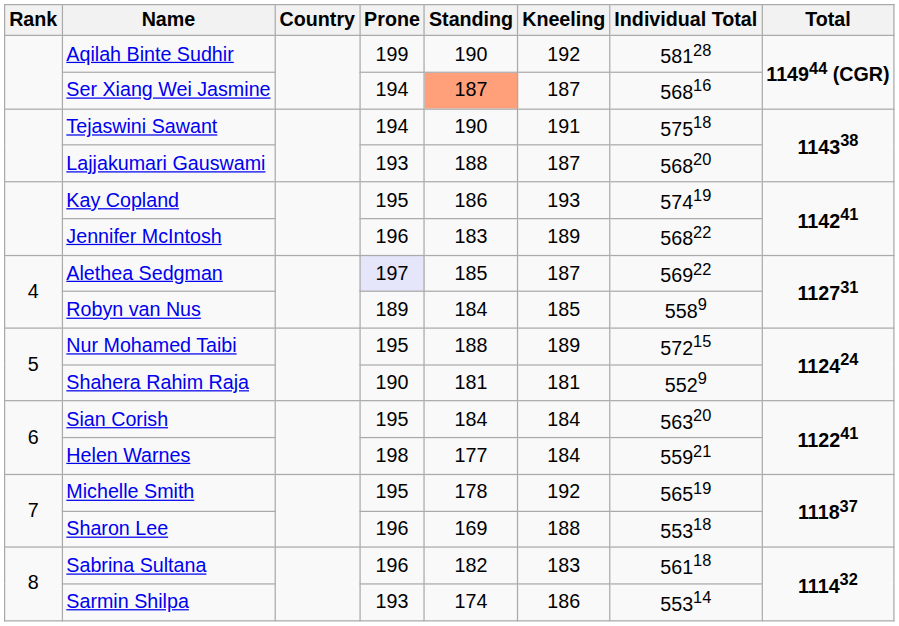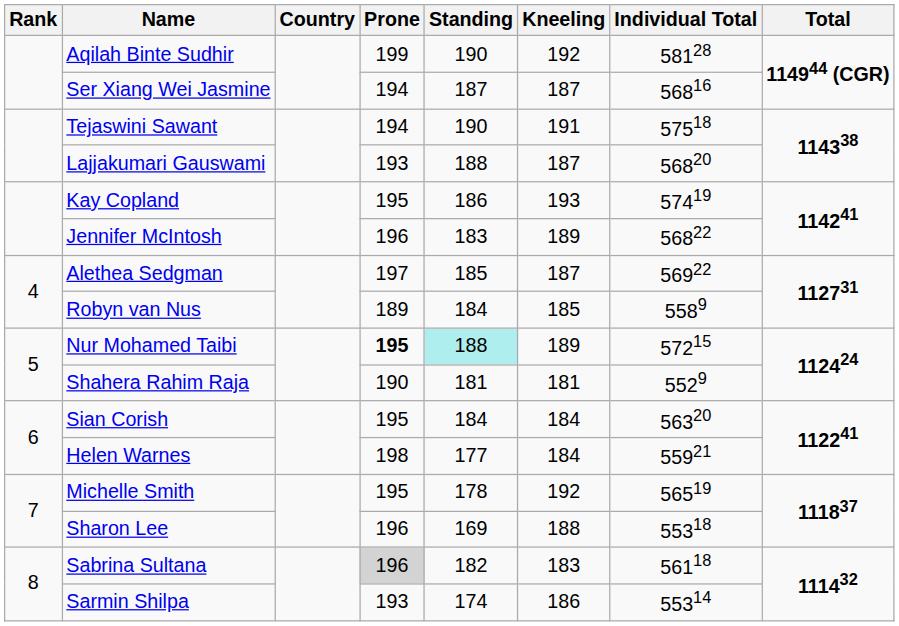 <table class="wikitable sortable" style="text-align:center;">
 <tr>
 <th>Rank</th>
 <th>Name</th>
 <th>Country</th>
 <th>Prone</th>
 <th>Standing</th>
 <th>Kneeling</th>
 <th>Individual Total</th>
 <th>Total</th>
 </tr>
 <tr>
 <td rowspan=2></td>
 <td align=left><a href='#'>Aqilah Binte Sudhir</a></td>
 <td rowspan=2></td>
 <td>199</td>
 <td>190</td>
 <td>192</td>
 <td>581<sup>28</sup></td>
 <td rowspan=2><strong>1149<sup>44</sup> (CGR)</strong></td>
 </tr>
 <tr>
 <td align=left><a href='#'>Ser Xiang Wei Jasmine</a></td>
 <td>194</td>
-<td style="background: lightsalmon;">187</td>
+<td>187</td>
 <td>187</td>
 <td>568<sup>16</sup></td>
 </tr>
 <tr>
 <td rowspan=2></td>
 <td align=left><a href='#'>Tejaswini Sawant</a></td>
 <td rowspan=2></td>
 <td>194</td>
 <td>190</td>
 <td>191</td>
 <td>575<sup>18</sup></td>
 <td rowspan=2><strong>1143<sup>38</sup></strong></td>
 </tr>
 <tr>
 <td align=left><a href='#'>Lajjakumari Gauswami</a></td>
 <td>193</td>
 <td>188</td>
 <td>187</td>
 <td>568<sup>20</sup></td>
 </tr>
 <tr>
 <td rowspan=2></td>
 <td align=left><a href='#'>Kay Copland</a></td>
 <td rowspan=2></td>
 <td>195</td>
 <td>186</td>
 <td>193</td>
 <td>574<sup>19</sup></td>
 <td rowspan=2><strong>1142<sup>41</sup></strong></td>
 </tr>
 <tr>
 <td align=left><a href='#'>Jennifer McIntosh</a></td>
 <td>196</td>
 <td>183</td>
 <td>189</td>
 <td>568<sup>22</sup></td>
 </tr>
 <tr>
 <td rowspan=2>4</td>
 <td align=left><a href='#'>Alethea Sedgman</a></td>
 <td rowspan=2></td>
-<td style="background: lavender;">197</td>
+<td>197</td>
 <td>185</td>
 <td>187</td>
 <td>569<sup>22</sup></td>
 <td rowspan=2><strong>1127<sup>31</sup></strong></td>
 </tr>
 <tr>
 <td align=left><a href='#'>Robyn van Nus</a></td>
 <td>189</td>
 <td>184</td>
 <td>185</td>
 <td>558<sup>9</sup></td>
 </tr>
 <tr>
 <td rowspan=2>5</td>
 <td align=left><a href='#'>Nur Mohamed Taibi</a></td>
 <td rowspan=2></td>
-<td>195</td>
-<td>188</td>
+<td><strong>195</strong></td>
+<td style="background: paleturquoise;">188</td>
 <td>189</td>
 <td>572<sup>15</sup></td>
 <td rowspan=2><strong>1124<sup>24</sup></strong></td>
 </tr>
 <tr>
 <td align=left><a href='#'>Shahera Rahim Raja</a></td>
 <td>190</td>
 <td>181</td>
 <td>181</td>
 <td>552<sup>9</sup></td>
 </tr>
 <tr>
 <td rowspan=2>6</td>
 <td align=left><a href='#'>Sian Corish</a></td>
 <td rowspan=2></td>
 <td>195</td>
 <td>184</td>
 <td>184</td>
 <td>563<sup>20</sup></td>
 <td rowspan=2><strong>1122<sup>41</sup></strong></td>
 </tr>
 <tr>
 <td align=left><a href='#'>Helen Warnes</a></td>
 <td>198</td>
 <td>177</td>
 <td>184</td>
 <td>559<sup>21</sup></td>
 </tr>
 <tr>
 <td rowspan=2>7</td>
 <td align=left><a href='#'>Michelle Smith</a></td>
 <td rowspan=2></td>
 <td>195</td>
 <td>178</td>
 <td>192</td>
 <td>565<sup>19</sup></td>
 <td rowspan=2><strong>1118<sup>37</sup></strong></td>
 </tr>
 <tr>
 <td align=left><a href='#'>Sharon Lee</a></td>
 <td>196</td>
 <td>169</td>
 <td>188</td>
 <td>553<sup>18</sup></td>
 </tr>
 <tr>
 <td rowspan=2>8</td>
 <td align=left><a href='#'>Sabrina Sultana</a></td>
 <td rowspan=2></td>
-<td>196</td>
+<td style="background: lightgrey;">196</td>
 <td>182</td>
 <td>183</td>
 <td>561<sup>18</sup></td>
 <td rowspan=2><strong>1114<sup>32</sup></strong></td>
 </tr>
 <tr>
 <td align=left><a href='#'>Sarmin Shilpa</a></td>
 <td>193</td>
 <td>174</td>
 <td>186</td>
 <td>553<sup>14</sup></td>
 </tr>
 </table>
